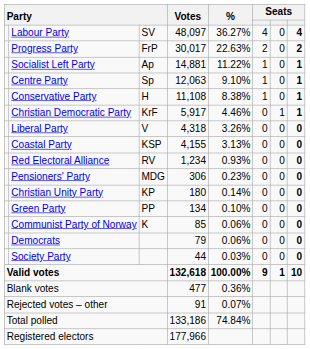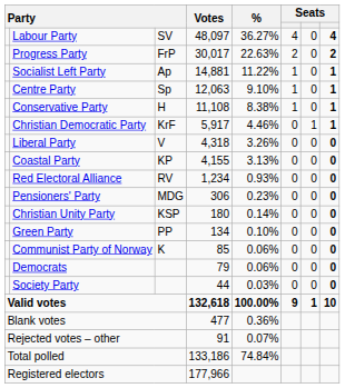 <table class="wikitable" border="1" style="text-align:right;">
 <tr>
 <th style="text-align:left;" valign=bottom rowspan=2 colspan=3>Party</th>
 <th align=center valign=bottom rowspan=2 width="50">Votes</th>
 <th align=center valign=bottom rowspan=2 width="50">%</th>
 <th colspan=3>Seats</th>
 </tr>
 <tr>
 <th align=center valign=bottom width="20"><small></small></th>
 <th align=center valign=bottom width="20"><small><a href='#'></a></small></th>
 <th align=center valign=bottom width="20"><small></small></th>
 </tr>
 <tr>
 <td style="color:inherit;background:"></td>
 <td align=left><a href='#'>Labour Party</a></td>
 <td align=left>SV</td>
 <td>48,097</td>
 <td>36.27%</td>
 <td>4</td>
 <td>0</td>
 <td><strong>4</strong></td>
 </tr>
 <tr>
 <td style="color:inherit;background:"></td>
 <td align=left><a href='#'>Progress Party</a></td>
 <td align=left>FrP</td>
 <td>30,017</td>
 <td>22.63%</td>
 <td>2</td>
 <td>0</td>
 <td><strong>2</strong></td>
 </tr>
 <tr>
 <td style="color:inherit;background:"></td>
 <td align=left><a href='#'>Socialist Left Party</a></td>
 <td align=left>Ap</td>
 <td>14,881</td>
 <td>11.22%</td>
 <td>1</td>
 <td>0</td>
 <td><strong>1</strong></td>
 </tr>
 <tr>
 <td style="color:inherit;background:"></td>
 <td align=left><a href='#'>Centre Party</a></td>
 <td align=left>Sp</td>
 <td>12,063</td>
 <td>9.10%</td>
 <td>1</td>
 <td>0</td>
 <td><strong>1</strong></td>
 </tr>
 <tr>
 <td style="color:inherit;background:"></td>
 <td align=left><a href='#'>Conservative Party</a></td>
 <td align=left>H</td>
 <td>11,108</td>
 <td>8.38%</td>
 <td>1</td>
 <td>0</td>
 <td><strong>1</strong></td>
 </tr>
 <tr>
 <td style="color:inherit;background:"></td>
 <td align=left><a href='#'>Christian Democratic Party</a></td>
 <td align=left>KrF</td>
 <td>5,917</td>
 <td>4.46%</td>
 <td>0</td>
 <td>1</td>
 <td><strong>1</strong></td>
 </tr>
 <tr>
 <td style="color:inherit;background:"></td>
 <td align=left><a href='#'>Liberal Party</a></td>
 <td align=left>V</td>
 <td>4,318</td>
 <td>3.26%</td>
 <td>0</td>
 <td>0</td>
 <td><strong>0</strong></td>
 </tr>
 <tr>
 <td style="color:inherit;background:"></td>
 <td align=left><a href='#'>Coastal Party</a></td>
-<td align=left>KSP</td>
+<td align=left>KP</td>
 <td>4,155</td>
 <td>3.13%</td>
 <td>0</td>
 <td>0</td>
 <td><strong>0</strong></td>
 </tr>
 <tr>
 <td style="color:inherit;background:"></td>
 <td align=left><a href='#'>Red Electoral Alliance</a></td>
 <td align=left>RV</td>
 <td>1,234</td>
 <td>0.93%</td>
 <td>0</td>
 <td>0</td>
 <td><strong>0</strong></td>
 </tr>
 <tr>
 <td style="color:inherit;background:"></td>
 <td align=left><a href='#'>Pensioners' Party</a></td>
 <td align=left>MDG</td>
 <td>306</td>
 <td>0.23%</td>
 <td>0</td>
 <td>0</td>
 <td><strong>0</strong></td>
 </tr>
 <tr>
 <td style="color:inherit;background:"></td>
 <td align=left><a href='#'>Christian Unity Party</a></td>
-<td align=left>KP</td>
+<td align=left>KSP</td>
 <td>180</td>
 <td>0.14%</td>
 <td>0</td>
 <td>0</td>
 <td><strong>0</strong></td>
 </tr>
 <tr>
 <td style="color:inherit;background:"></td>
 <td align=left><a href='#'>Green Party</a></td>
 <td align=left>PP</td>
 <td>134</td>
 <td>0.10%</td>
 <td>0</td>
 <td>0</td>
 <td><strong>0</strong></td>
 </tr>
 <tr>
 <td style="color:inherit;background:"></td>
 <td align=left><a href='#'>Communist Party of Norway</a></td>
 <td align=left>K</td>
 <td>85</td>
 <td>0.06%</td>
 <td>0</td>
 <td>0</td>
 <td><strong>0</strong></td>
 </tr>
 <tr>
 <td style="color:inherit;background:"></td>
 <td align=left><a href='#'>Democrats</a></td>
 <td align=left></td>
 <td>79</td>
 <td>0.06%</td>
 <td>0</td>
 <td>0</td>
 <td><strong>0</strong></td>
 </tr>
 <tr>
 <td style="color:inherit;background:"></td>
 <td align=left><a href='#'>Society Party</a></td>
 <td align=left></td>
 <td>44</td>
 <td>0.03%</td>
 <td>0</td>
 <td>0</td>
 <td><strong>0</strong></td>
 </tr>
 <tr style="font-weight:bold">
 <td align=left colspan=3>Valid votes</td>
 <td>132,618</td>
 <td>100.00%</td>
 <td>9</td>
 <td>1</td>
 <td>10</td>
 </tr>
 <tr>
 <td align=left colspan=3>Blank votes</td>
 <td>477</td>
 <td>0.36%</td>
 <td></td>
 <td></td>
 <td></td>
 </tr>
 <tr>
 <td align=left colspan=3>Rejected votes – other</td>
 <td>91</td>
 <td>0.07%</td>
 <td></td>
 <td></td>
 <td></td>
 </tr>
 <tr>
 <td align=left colspan=3>Total polled</td>
 <td>133,186</td>
 <td>74.84%</td>
 <td></td>
 <td></td>
 <td></td>
 </tr>
 <tr>
 <td align=left colspan=3>Registered electors</td>
 <td>177,966</td>
 <td></td>
 <td></td>
 <td></td>
 <td></td>
 </tr>
 </table>
